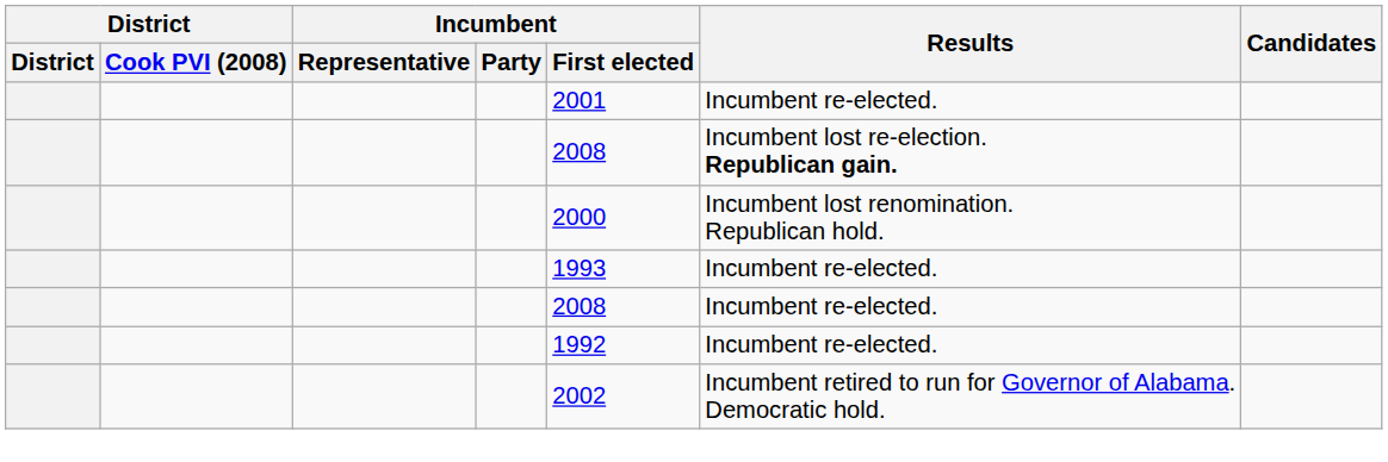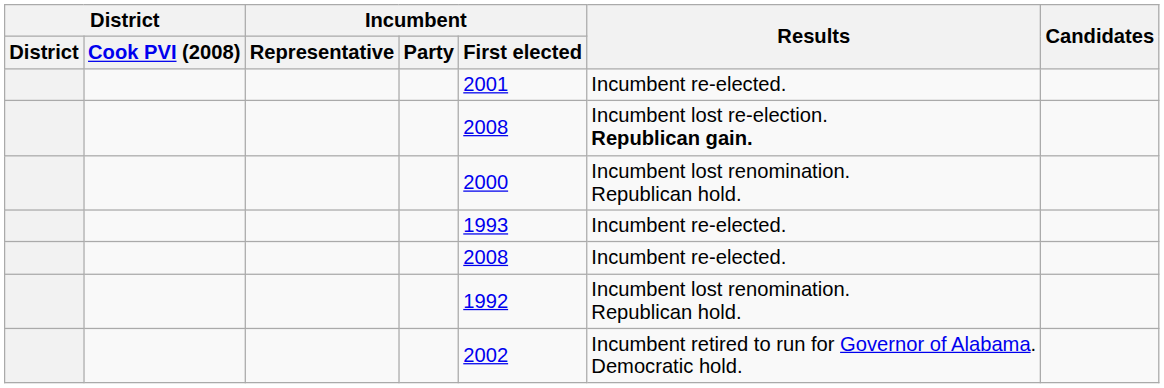 <table class="wikitable sortable">
 <tr>
 <th colspan=2>District</th>
 <th colspan=3>Incumbent</th>
 <th rowspan=2>Results</th>
 <th rowspan=2>Candidates</th>
 </tr>
 <tr valign=bottom>
 <th>District</th>
 <th><a href='#'>Cook PVI</a> (2008)</th>
 <th>Representative</th>
 <th>Party</th>
 <th>First elected</th>
 </tr>
 <tr>
 <th></th>
 <td></td>
 <td></td>
 <td></td>
 <td><a href='#'>2001</a></td>
 <td>Incumbent re-elected.</td>
 <td nowrap></td>
 </tr>
 <tr>
 <th></th>
 <td></td>
 <td></td>
 <td></td>
 <td><a href='#'>2008</a></td>
 <td>Incumbent lost re-election.<br><strong>Republican gain.</strong></td>
 <td nowrap></td>
 </tr>
 <tr>
 <th></th>
 <td></td>
 <td></td>
 <td></td>
 <td><a href='#'>2000</a></td>
 <td>Incumbent lost renomination.<br>Republican hold.</td>
 <td nowrap></td>
 </tr>
 <tr>
 <th></th>
 <td></td>
 <td></td>
 <td></td>
 <td><a href='#'>1993</a></td>
 <td>Incumbent re-elected.</td>
 <td nowrap></td>
 </tr>
 <tr>
 <th></th>
 <td></td>
 <td></td>
 <td></td>
 <td><a href='#'>2008</a></td>
 <td>Incumbent re-elected.</td>
 <td nowrap></td>
 </tr>
 <tr>
 <th></th>
 <td></td>
 <td></td>
 <td></td>
 <td><a href='#'>1992</a></td>
-<td>Incumbent re-elected.</td>
+<td>Incumbent lost renomination.<br>Republican hold.</td>
 <td nowrap></td>
 </tr>
 <tr>
 <th></th>
 <td></td>
 <td></td>
 <td></td>
 <td><a href='#'>2002</a></td>
 <td>Incumbent retired to run for <a href='#'>Governor of Alabama</a>.<br>Democratic hold.</td>
 <td nowrap></td>
 </tr>
 </table>
